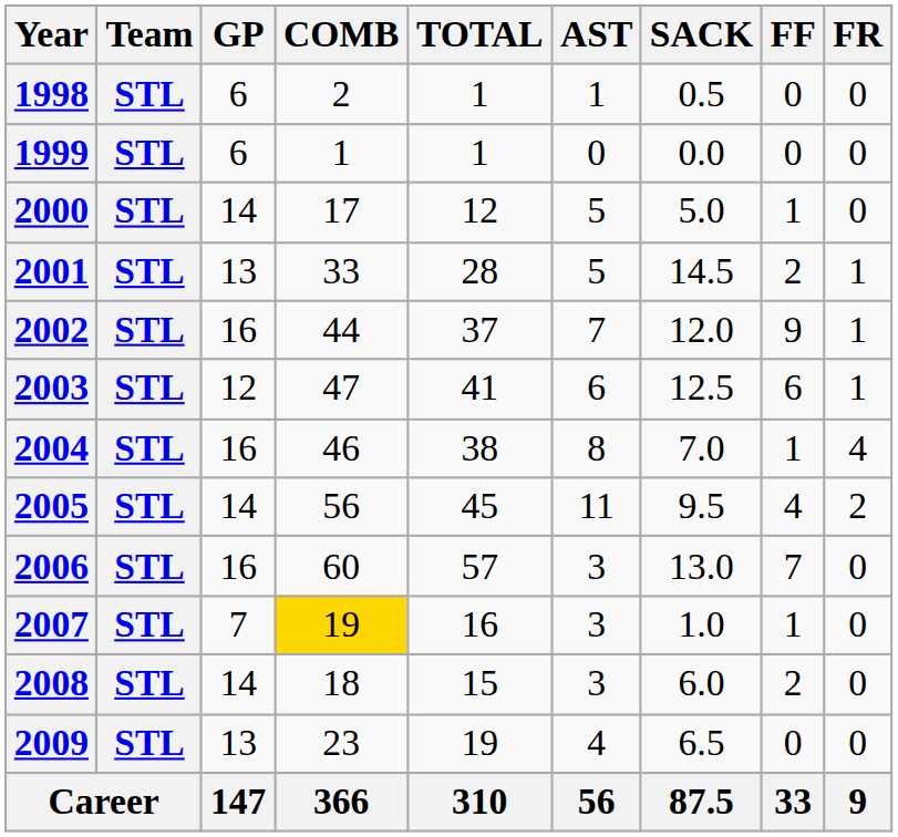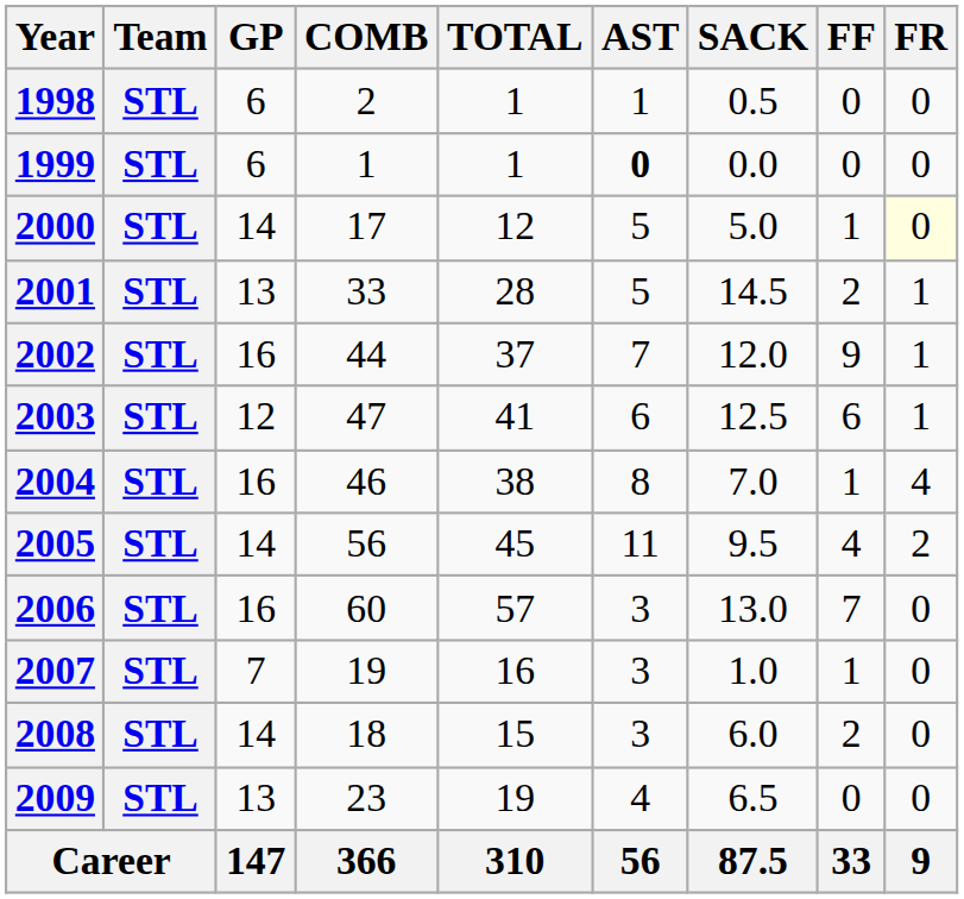 <table style="text-align:center;" class="wikitable">
 <tr>
 <th>Year</th>
 <th>Team</th>
 <th>GP</th>
 <th>COMB</th>
 <th>TOTAL</th>
 <th>AST</th>
 <th>SACK</th>
 <th>FF</th>
 <th>FR</th>
 </tr>
 <tr>
 <th><a href='#'>1998</a></th>
 <th><a href='#'>STL</a></th>
 <td>6</td>
 <td>2</td>
 <td>1</td>
 <td>1</td>
 <td>0.5</td>
 <td>0</td>
 <td>0</td>
 </tr>
 <tr>
 <th><a href='#'>1999</a></th>
 <th><a href='#'>STL</a></th>
 <td>6</td>
 <td>1</td>
 <td>1</td>
-<td>0</td>
+<td><strong>0</strong></td>
 <td>0.0</td>
 <td>0</td>
 <td>0</td>
 </tr>
 <tr>
 <th><a href='#'>2000</a></th>
 <th><a href='#'>STL</a></th>
 <td>14</td>
 <td>17</td>
 <td>12</td>
 <td>5</td>
 <td>5.0</td>
 <td>1</td>
-<td>0</td>
+<td style="background: lightyellow;">0</td>
 </tr>
 <tr>
 <th><a href='#'>2001</a></th>
 <th><a href='#'>STL</a></th>
 <td>13</td>
 <td>33</td>
 <td>28</td>
 <td>5</td>
 <td>14.5</td>
 <td>2</td>
 <td>1</td>
 </tr>
 <tr>
 <th><a href='#'>2002</a></th>
 <th><a href='#'>STL</a></th>
 <td>16</td>
 <td>44</td>
 <td>37</td>
 <td>7</td>
 <td>12.0</td>
 <td>9</td>
 <td>1</td>
 </tr>
 <tr>
 <th><a href='#'>2003</a></th>
 <th><a href='#'>STL</a></th>
 <td>12</td>
 <td>47</td>
 <td>41</td>
 <td>6</td>
 <td>12.5</td>
 <td>6</td>
 <td>1</td>
 </tr>
 <tr>
 <th><a href='#'>2004</a></th>
 <th><a href='#'>STL</a></th>
 <td>16</td>
 <td>46</td>
 <td>38</td>
 <td>8</td>
 <td>7.0</td>
 <td>1</td>
 <td>4</td>
 </tr>
 <tr>
 <th><a href='#'>2005</a></th>
 <th><a href='#'>STL</a></th>
 <td>14</td>
 <td>56</td>
 <td>45</td>
 <td>11</td>
 <td>9.5</td>
 <td>4</td>
 <td>2</td>
 </tr>
 <tr>
 <th><a href='#'>2006</a></th>
 <th><a href='#'>STL</a></th>
 <td>16</td>
 <td>60</td>
 <td>57</td>
 <td>3</td>
 <td>13.0</td>
 <td>7</td>
 <td>0</td>
 </tr>
 <tr>
 <th><a href='#'>2007</a></th>
 <th><a href='#'>STL</a></th>
 <td>7</td>
-<td style="background: gold;">19</td>
+<td>19</td>
 <td>16</td>
 <td>3</td>
 <td>1.0</td>
 <td>1</td>
 <td>0</td>
 </tr>
 <tr>
 <th><a href='#'>2008</a></th>
 <th><a href='#'>STL</a></th>
 <td>14</td>
 <td>18</td>
 <td>15</td>
 <td>3</td>
 <td>6.0</td>
 <td>2</td>
 <td>0</td>
 </tr>
 <tr>
 <th><a href='#'>2009</a></th>
 <th><a href='#'>STL</a></th>
 <td>13</td>
 <td>23</td>
 <td>19</td>
 <td>4</td>
 <td>6.5</td>
 <td>0</td>
 <td>0</td>
 </tr>
 <tr>
 <th colspan="2">Career</th>
 <th>147</th>
 <th>366</th>
 <th>310</th>
 <th>56</th>
 <th>87.5</th>
 <th>33</th>
 <th>9</th>
 </tr>
 </table>
